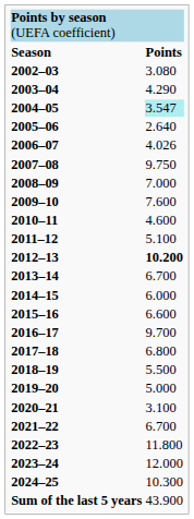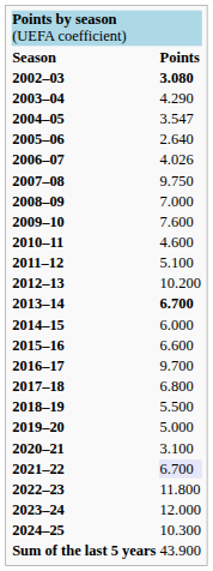 <table class="infobox">
 <tr>
 <td colspan="2" bgcolor="lightblue"><strong>Points by season</strong><br>(UEFA coefficient)</td>
 </tr>
 <tr>
 <td><strong>Season</strong></td>
 <td><strong>Points</strong></td>
 </tr>
 <tr>
 <td><strong>2002–03</strong></td>
-<td>3.080</td>
+<td><strong>3.080</strong></td>
 </tr>
 <tr>
 <td><strong>2003–04</strong></td>
 <td>4.290</td>
 </tr>
 <tr>
 <td><strong>2004–05</strong></td>
-<td style="background: paleturquoise;">3.547</td>
+<td>3.547</td>
 </tr>
 <tr>
 <td><strong>2005–06</strong></td>
 <td>2.640</td>
 </tr>
 <tr>
 <td><strong>2006–07</strong></td>
 <td>4.026</td>
 </tr>
 <tr>
 <td><strong>2007–08</strong></td>
 <td>9.750</td>
 </tr>
 <tr>
 <td><strong>2008–09</strong></td>
 <td>7.000</td>
 </tr>
 <tr>
 <td><strong>2009–10</strong></td>
 <td>7.600</td>
 </tr>
 <tr>
 <td><strong>2010–11</strong></td>
 <td>4.600</td>
 </tr>
 <tr>
 <td><strong>2011–12</strong></td>
 <td>5.100</td>
 </tr>
 <tr>
 <td><strong>2012–13</strong></td>
-<td><strong>10.200</strong></td>
+<td>10.200</td>
 </tr>
 <tr>
 <td><strong>2013–14</strong></td>
-<td>6.700</td>
+<td><strong>6.700</strong></td>
 </tr>
 <tr>
 <td><strong>2014–15</strong></td>
 <td>6.000</td>
 </tr>
 <tr>
 <td><strong>2015–16</strong></td>
 <td>6.600</td>
 </tr>
 <tr>
 <td><strong>2016–17</strong></td>
 <td>9.700</td>
 </tr>
 <tr>
 <td><strong>2017–18</strong></td>
 <td>6.800</td>
 </tr>
 <tr>
 <td><strong>2018–19</strong></td>
 <td>5.500</td>
 </tr>
 <tr>
 <td><strong>2019–20</strong></td>
 <td>5.000</td>
 </tr>
 <tr>
 <td><strong>2020–21</strong></td>
 <td>3.100</td>
 </tr>
 <tr>
 <td><strong>2021–22</strong></td>
-<td>6.700</td>
+<td style="background: lavender;">6.700</td>
 </tr>
 <tr>
 <td><strong>2022–23</strong></td>
 <td>11.800</td>
 </tr>
 <tr>
 <td><strong>2023–24</strong></td>
 <td>12.000</td>
 </tr>
 <tr>
 <td><strong>2024–25</strong></td>
 <td>10.300</td>
 </tr>
 <tr>
 <td><strong>Sum of the last 5 years </strong></td>
 <td>43.900</td>
 </tr>
 </table>
